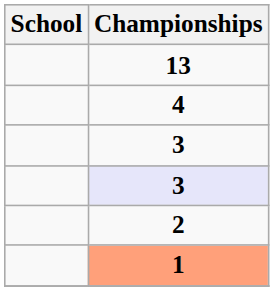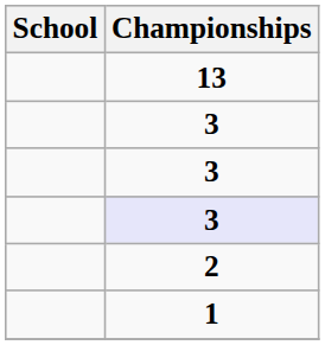 <table class="wikitable sortable" style="text-align:center">
 <tr>
 <th>School</th>
 <th>Championships</th>
 </tr>
 <tr>
 <td><strong><a href='#'></a></strong></td>
 <td><strong>13</strong></td>
 </tr>
 <tr>
 <td><strong><a href='#'></a></strong></td>
-<td><strong>4</strong></td>
+<td><strong>3</strong></td>
 </tr>
 <tr>
 <td><strong><a href='#'></a></strong></td>
 <td><strong>3</strong></td>
 </tr>
 <tr>
 <td><strong><a href='#'></a></strong></td>
 <td style="background: lavender;"><strong>3</strong></td>
 </tr>
 <tr>
 <td><strong><a href='#'></a></strong></td>
 <td><strong>2</strong></td>
 </tr>
 <tr>
 <td><strong><a href='#'></a></strong></td>
-<td style="background: lightsalmon;"><strong>1</strong></td>
+<td><strong>1</strong></td>
 </tr>
 <tr>
 </tr>
 </table>
